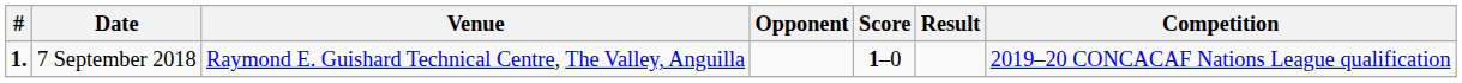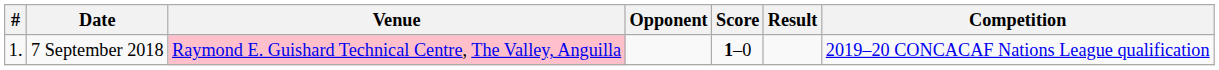 <table class="wikitable" style="font-size:95%">
 <tr>
 <th>#</th>
 <th>Date</th>
 <th>Venue</th>
 <th>Opponent</th>
 <th>Score</th>
 <th>Result</th>
 <th>Competition</th>
 </tr>
 <tr>
-<td><strong>1.</strong></td>
+<td>1.</td>
 <td>7 September 2018</td>
-<td><a href='#'>Raymond E. Guishard Technical Centre</a>, <a href='#'>The Valley, Anguilla</a></td>
+<td style="background: pink;"><a href='#'>Raymond E. Guishard Technical Centre</a>, <a href='#'>The Valley, Anguilla</a></td>
 <td></td>
 <td align=center><strong>1</strong>–0</td>
 <td></td>
 <td><a href='#'>2019–20 CONCACAF Nations League qualification</a></td>
 </tr>
 <tr>
 </tr>
 </table>
